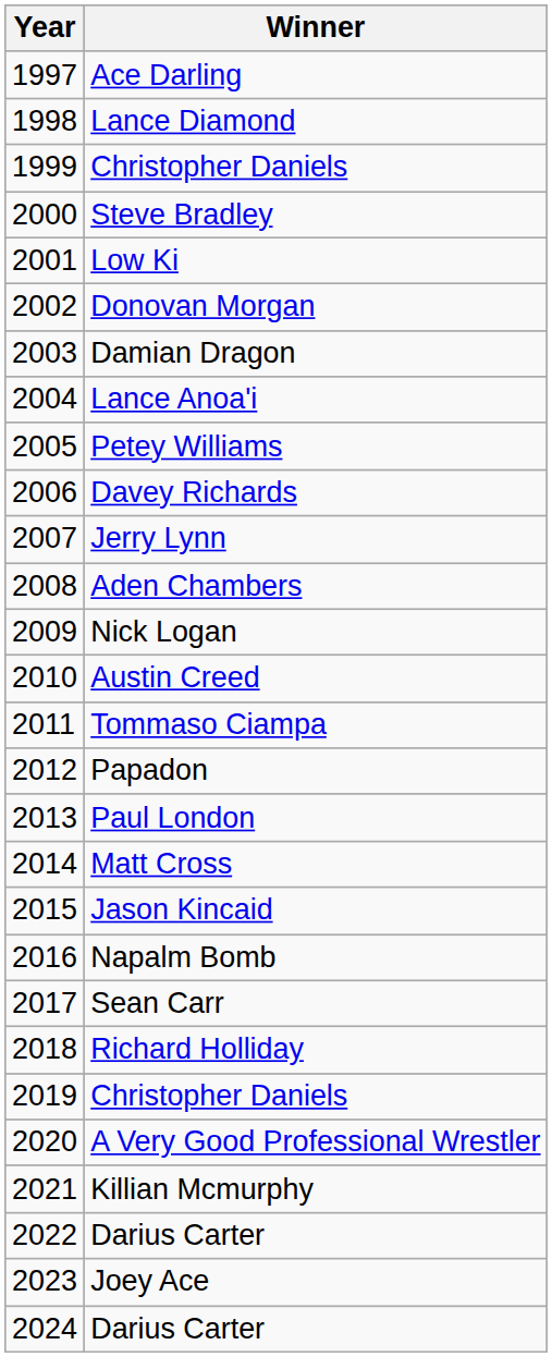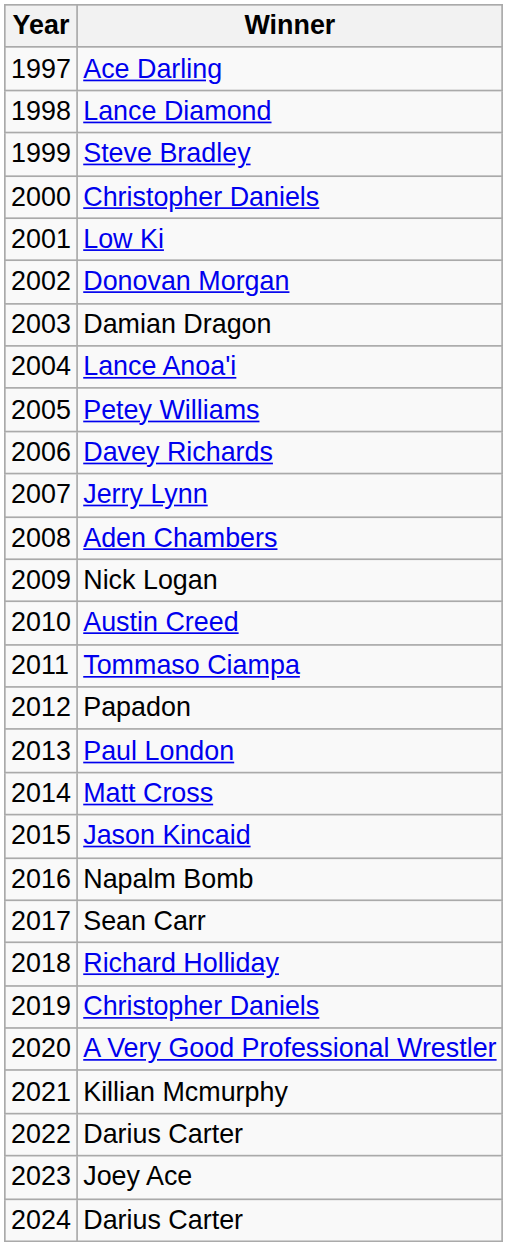 <table class="wikitable">
 <tr>
 <th>Year</th>
 <th>Winner</th>
 </tr>
 <tr>
 <td>1997</td>
 <td><a href='#'>Ace Darling</a></td>
 </tr>
 <tr>
 <td>1998</td>
 <td><a href='#'>Lance Diamond</a></td>
 </tr>
 <tr>
 <td>1999</td>
-<td><a href='#'>Christopher Daniels</a></td>
+<td><a href='#'>Steve Bradley</a></td>
 </tr>
 <tr>
 <td>2000</td>
-<td><a href='#'>Steve Bradley</a></td>
+<td><a href='#'>Christopher Daniels</a></td>
 </tr>
 <tr>
 <td>2001</td>
 <td><a href='#'>Low Ki</a></td>
 </tr>
 <tr>
 <td>2002</td>
 <td><a href='#'>Donovan Morgan</a></td>
 </tr>
 <tr>
 <td>2003</td>
 <td>Damian Dragon</td>
 </tr>
 <tr>
 <td>2004</td>
 <td><a href='#'>Lance Anoa'i</a></td>
 </tr>
 <tr>
 <td>2005</td>
 <td><a href='#'>Petey Williams</a></td>
 </tr>
 <tr>
 <td>2006</td>
 <td><a href='#'>Davey Richards</a></td>
 </tr>
 <tr>
 <td>2007</td>
 <td><a href='#'>Jerry Lynn</a></td>
 </tr>
 <tr>
 <td>2008</td>
 <td><a href='#'>Aden Chambers</a></td>
 </tr>
 <tr>
 <td>2009</td>
 <td>Nick Logan</td>
 </tr>
 <tr>
 <td>2010</td>
 <td><a href='#'>Austin Creed</a></td>
 </tr>
 <tr>
 <td>2011</td>
 <td><a href='#'>Tommaso Ciampa</a></td>
 </tr>
 <tr>
 <td>2012</td>
 <td>Papadon</td>
 </tr>
 <tr>
 <td>2013</td>
 <td><a href='#'>Paul London</a></td>
 </tr>
 <tr>
 <td>2014</td>
 <td><a href='#'>Matt Cross</a></td>
 </tr>
 <tr>
 <td>2015</td>
 <td><a href='#'>Jason Kincaid</a></td>
 </tr>
 <tr>
 <td>2016</td>
 <td>Napalm Bomb</td>
 </tr>
 <tr>
 <td>2017</td>
 <td>Sean Carr</td>
 </tr>
 <tr>
 <td>2018</td>
 <td><a href='#'>Richard Holliday</a></td>
 </tr>
 <tr>
 <td>2019</td>
 <td><a href='#'>Christopher Daniels</a></td>
 </tr>
 <tr>
 <td>2020</td>
 <td><a href='#'>A Very Good Professional Wrestler</a></td>
 </tr>
 <tr>
 <td>2021</td>
 <td>Killian Mcmurphy</td>
 </tr>
 <tr>
 <td>2022</td>
 <td>Darius Carter</td>
 </tr>
 <tr>
 <td>2023</td>
 <td>Joey Ace</td>
 </tr>
 <tr>
 <td>2024</td>
 <td>Darius Carter</td>
 </tr>
 </table>
